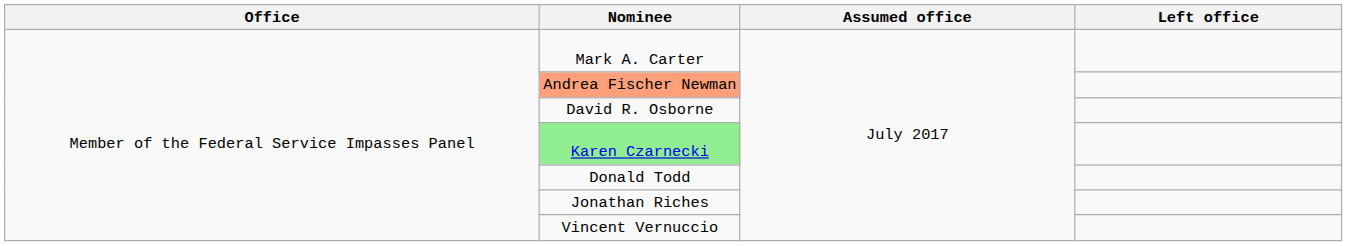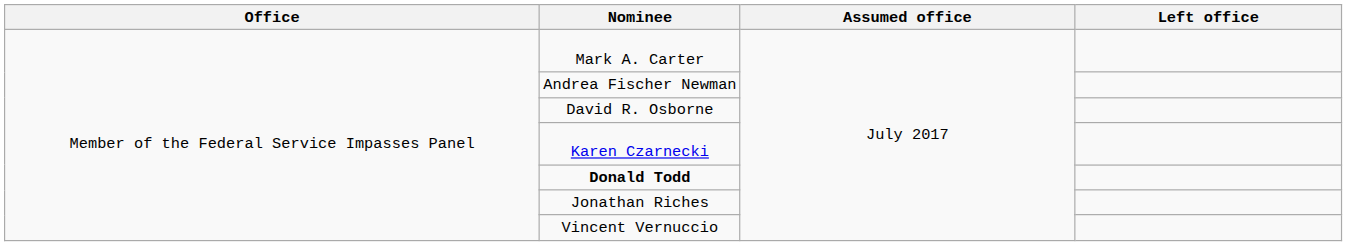 <table class="wikitable sortable" style="text-align:center">
 <tr>
 <th style="width:40%;">Office</th>
 <th style="width:15%;">Nominee</th>
 <th style="width:25%;" data-sort- type="date">Assumed office</th>
 <th style="width:20%;" data-sort- type="date">Left office</th>
 </tr>
 <tr>
 <td rowspan="7"><br>Member of the Federal Service Impasses Panel</td>
 <td><br>Mark A. Carter</td>
 <td rowspan="7">July 2017<br></td>
 <td></td>
 </tr>
 <tr>
-<td style="background: lightsalmon;">Andrea Fischer Newman</td>
+<td>Andrea Fischer Newman</td>
 <td></td>
 </tr>
 <tr>
 <td>David R. Osborne</td>
 <td></td>
 </tr>
 <tr>
-<td style="background: lightgreen;"><br><a href='#'>Karen Czarnecki</a></td>
+<td><br><a href='#'>Karen Czarnecki</a></td>
 <td></td>
 </tr>
 <tr>
-<td>Donald Todd</td>
+<td><strong>Donald Todd</strong></td>
 <td></td>
 </tr>
 <tr>
 <td>Jonathan Riches</td>
 <td></td>
 </tr>
 <tr>
 <td>Vincent Vernuccio</td>
 <td></td>
 </tr>
 </table>
